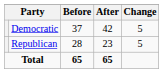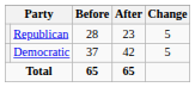 <table class="wikitable" style="text-align:center;">
 <tr>
 </tr>
 <tr>
 <th colspan=2>Party</th>
 <th>Before</th>
 <th>After</th>
 <th>Change</th>
 </tr>
 <tr>
 <th style="background-color:"></th>
-<td style="text-align:left;"><a href='#'>Democratic</a></td>
-<td>37</td>
-<td>42</td>
+<td style="text-align:left;"><a href='#'>Republican</a></td>
+<td>28</td>
+<td>23</td>
 <td> 5</td>
 </tr>
 <tr>
 <th style="background-color:"></th>
-<td style="text-align:left;"><a href='#'>Republican</a></td>
-<td>28</td>
-<td>23</td>
+<td style="text-align:left;"><a href='#'>Democratic</a></td>
+<td>37</td>
+<td>42</td>
 <td> 5</td>
 </tr>
 <tr>
 <td colspan=2><strong>Total</strong></td>
 <td><strong>65</strong></td>
 <td><strong>65</strong></td>
 <td></td>
 </tr>
 </table>
